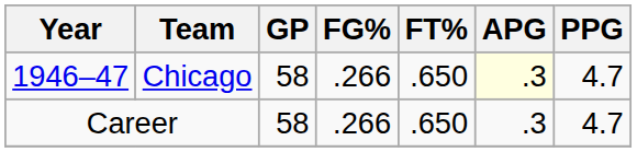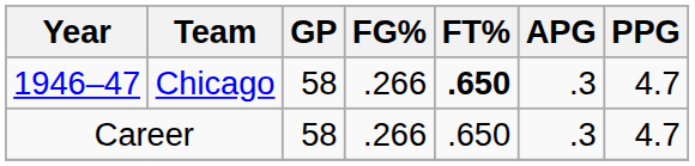 <table class="wikitable sortable" style="font-size:95%; text-align:right;">
 <tr>
 <th>Year</th>
 <th>Team</th>
 <th>GP</th>
 <th>FG%</th>
 <th>FT%</th>
 <th>APG</th>
 <th>PPG</th>
 </tr>
 <tr>
 <td style="text-align:left;"><a href='#'>1946–47</a></td>
 <td style="text-align:left;"><a href='#'>Chicago</a></td>
 <td>58</td>
 <td>.266</td>
-<td>.650</td>
-<td style="background: lightyellow;">.3</td>
+<td><strong>.650</strong></td>
+<td>.3</td>
 <td>4.7</td>
 </tr>
 <tr>
 <td style="text-align:center;" colspan="2">Career</td>
 <td>58</td>
 <td>.266</td>
 <td>.650</td>
 <td>.3</td>
 <td>4.7</td>
 </tr>
 <tr>
 </tr>
 </table>
